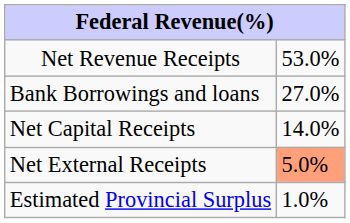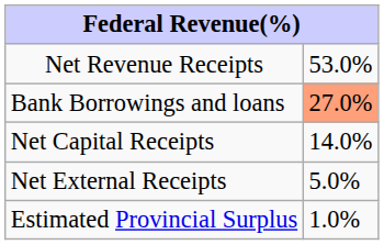 <table class="wikitable">
 <tr bgcolor = "#ccccff" align=center>
 <td colspan=2><strong>Federal Revenue(%)</strong></td>
 </tr>
 <tr>
 <td align=center>Net Revenue Receipts</td>
 <td>53.0%</td>
 </tr>
 <tr>
 <td>Bank Borrowings and loans</td>
-<td>27.0%</td>
+<td style="background: lightsalmon;">27.0%</td>
 </tr>
 <tr>
 <td>Net Capital Receipts</td>
 <td>14.0%</td>
 </tr>
 <tr>
 <td>Net External Receipts</td>
-<td style="background: lightsalmon;">5.0%</td>
+<td>5.0%</td>
 </tr>
 <tr>
 <td>Estimated <a href='#'>Provincial Surplus</a></td>
 <td>1.0%</td>
 </tr>
 </table>
